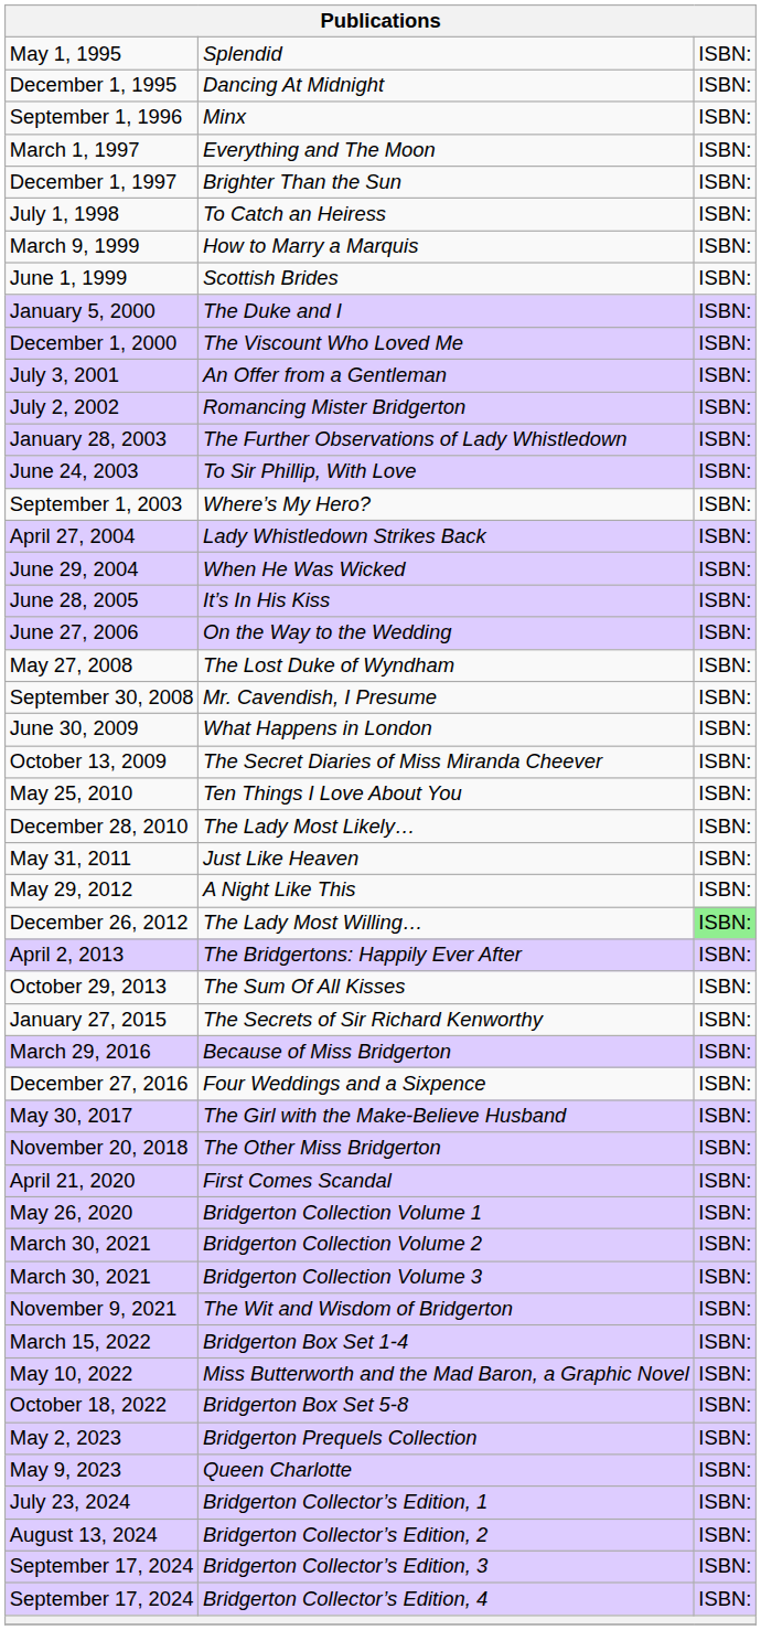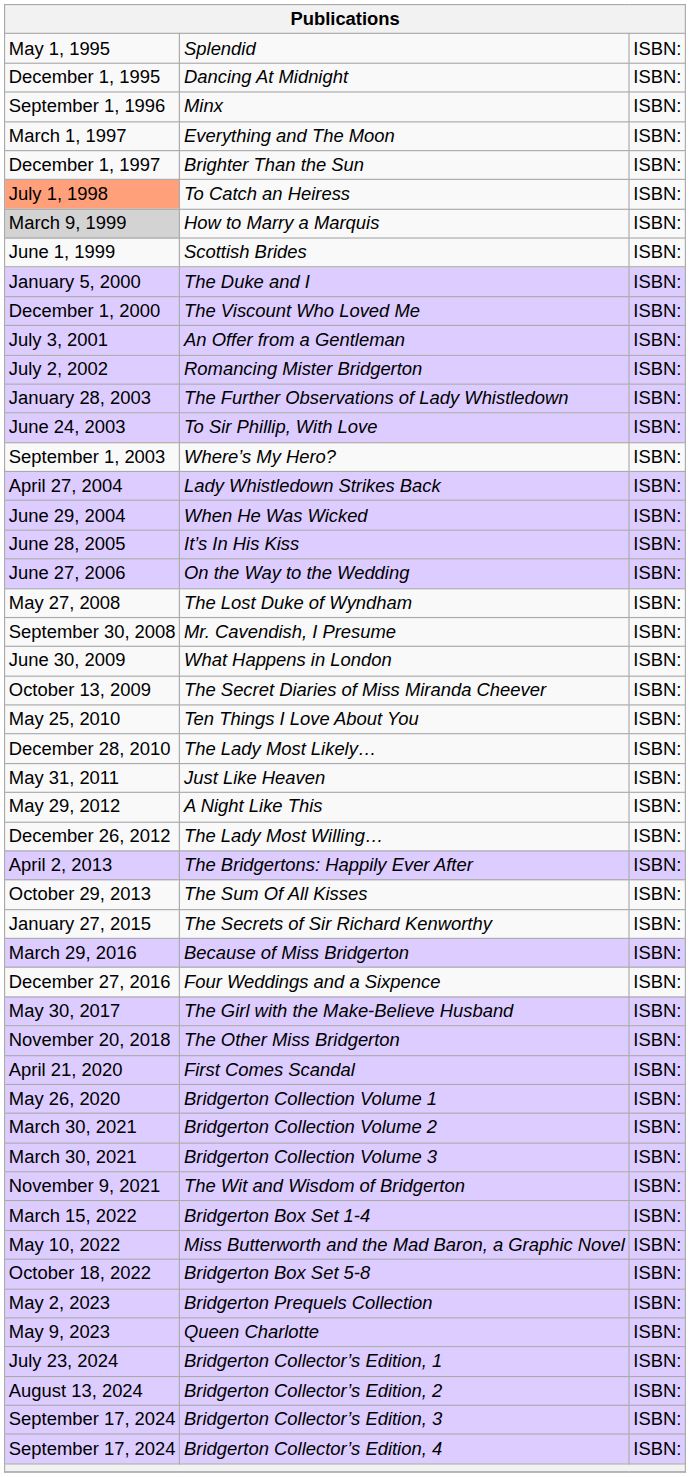 <table class="wikitable collapsible collapsed">
 <tr>
 <th colspan="3">Publications</th>
 </tr>
 <tr>
 <td>May 1, 1995</td>
 <td><em>Splendid</em></td>
 <td>ISBN: </td>
 </tr>
 <tr>
 <td>December 1, 1995</td>
 <td><em>Dancing At Midnight</em></td>
 <td>ISBN: </td>
 </tr>
 <tr>
 <td>September 1, 1996</td>
 <td><em>Minx</em></td>
 <td>ISBN: </td>
 </tr>
 <tr>
 <td>March 1, 1997</td>
 <td><em>Everything and The Moon</em></td>
 <td>ISBN: </td>
 </tr>
 <tr>
 <td>December 1, 1997</td>
 <td><em>Brighter Than the Sun</em></td>
 <td>ISBN: </td>
 </tr>
 <tr>
-<td>July 1, 1998</td>
+<td style="background: lightsalmon;">July 1, 1998</td>
 <td><em>To Catch an Heiress</em></td>
 <td>ISBN: </td>
 </tr>
 <tr>
-<td>March 9, 1999</td>
+<td style="background: lightgrey;">March 9, 1999</td>
 <td><em>How to Marry a Marquis</em></td>
 <td>ISBN: </td>
 </tr>
 <tr>
 <td>June 1, 1999</td>
 <td><em>Scottish Brides</em></td>
 <td>ISBN: </td>
 </tr>
 <tr>
 <td style="background-color:#DDCCFF">January 5, 2000</td>
 <td style="background-color:#DDCCFF"><em>The Duke and I</em></td>
 <td style="background-color:#DDCCFF">ISBN: </td>
 </tr>
 <tr>
 <td style="background-color:#DDCCFF">December 1, 2000</td>
 <td style="background-color:#DDCCFF"><em>The Viscount Who Loved Me</em></td>
 <td style="background-color:#DDCCFF">ISBN: </td>
 </tr>
 <tr>
 <td style="background-color:#DDCCFF">July 3, 2001</td>
 <td style="background-color:#DDCCFF"><em>An Offer from a Gentleman</em></td>
 <td style="background-color:#DDCCFF">ISBN: </td>
 </tr>
 <tr>
 <td style="background-color:#DDCCFF">July 2, 2002</td>
 <td style="background-color:#DDCCFF"><em>Romancing Mister Bridgerton</em></td>
 <td style="background-color:#DDCCFF">ISBN: </td>
 </tr>
 <tr>
 <td style="background-color:#DDCCFF">January 28, 2003</td>
 <td style="background-color:#DDCCFF"><em>The Further Observations of Lady Whistledown</em></td>
 <td style="background-color:#DDCCFF">ISBN: </td>
 </tr>
 <tr>
 <td style="background-color:#DDCCFF">June 24, 2003</td>
 <td style="background-color:#DDCCFF"><em>To Sir Phillip, With Love</em></td>
 <td style="background-color:#DDCCFF">ISBN: </td>
 </tr>
 <tr>
 <td>September 1, 2003</td>
 <td><em>Where’s My Hero?</em></td>
 <td>ISBN: </td>
 </tr>
 <tr>
 <td style="background-color:#DDCCFF">April 27, 2004</td>
 <td style="background-color:#DDCCFF"><em>Lady Whistledown Strikes Back</em></td>
 <td style="background-color:#DDCCFF">ISBN: </td>
 </tr>
 <tr>
 <td style="background-color:#DDCCFF">June 29, 2004</td>
 <td style="background-color:#DDCCFF"><em>When He Was Wicked</em></td>
 <td style="background-color:#DDCCFF">ISBN: </td>
 </tr>
 <tr>
 <td style="background-color:#DDCCFF">June 28, 2005</td>
 <td style="background-color:#DDCCFF"><em>It’s In His Kiss</em></td>
 <td style="background-color:#DDCCFF">ISBN: </td>
 </tr>
 <tr>
 <td style="background-color:#DDCCFF">June 27, 2006</td>
 <td style="background-color:#DDCCFF"><em>On the Way to the Wedding</em></td>
 <td style="background-color:#DDCCFF">ISBN: </td>
 </tr>
 <tr>
 <td>May 27, 2008</td>
 <td><em>The Lost Duke of Wyndham</em></td>
 <td>ISBN: </td>
 </tr>
 <tr>
 <td>September 30, 2008</td>
 <td><em>Mr. Cavendish, I Presume</em></td>
 <td>ISBN: </td>
 </tr>
 <tr>
 <td>June 30, 2009</td>
 <td><em>What Happens in London</em></td>
 <td>ISBN: </td>
 </tr>
 <tr>
 <td>October 13, 2009</td>
 <td><em>The Secret Diaries of Miss Miranda Cheever</em></td>
 <td>ISBN: </td>
 </tr>
 <tr>
 <td>May 25, 2010</td>
 <td><em>Ten Things I Love About You</em></td>
 <td>ISBN: </td>
 </tr>
 <tr>
 <td>December 28, 2010</td>
 <td><em>The Lady Most Likely…</em></td>
 <td>ISBN: </td>
 </tr>
 <tr>
 <td>May 31, 2011</td>
 <td><em>Just Like Heaven</em></td>
 <td>ISBN: </td>
 </tr>
 <tr>
 <td>May 29, 2012</td>
 <td><em>A Night Like This</em></td>
 <td>ISBN: </td>
 </tr>
 <tr>
 <td>December 26, 2012</td>
 <td><em>The Lady Most Willing…</em></td>
-<td style="background: lightgreen;">ISBN: </td>
+<td>ISBN: </td>
 </tr>
 <tr>
 <td style="background-color:#DDCCFF">April 2, 2013</td>
 <td style="background-color:#DDCCFF"><em>The Bridgertons: Happily Ever After</em></td>
 <td style="background-color:#DDCCFF">ISBN: </td>
 </tr>
 <tr>
 <td>October 29, 2013</td>
 <td><em>The Sum Of All Kisses</em></td>
 <td>ISBN: </td>
 </tr>
 <tr>
 <td>January 27, 2015</td>
 <td><em>The Secrets of Sir Richard Kenworthy</em></td>
 <td>ISBN: </td>
 </tr>
 <tr>
 <td style="background-color:#DDCCFF">March 29, 2016</td>
 <td style="background-color:#DDCCFF"><em>Because of Miss Bridgerton</em></td>
 <td style="background-color:#DDCCFF">ISBN: </td>
 </tr>
 <tr>
 <td>December 27, 2016</td>
 <td><em>Four Weddings and a Sixpence</em></td>
 <td>ISBN: </td>
 </tr>
 <tr>
 <td style="background-color:#DDCCFF">May 30, 2017</td>
 <td style="background-color:#DDCCFF"><em>The Girl with the Make-Believe Husband</em></td>
 <td style="background-color:#DDCCFF">ISBN: </td>
 </tr>
 <tr>
 <td style="background-color:#DDCCFF">November 20, 2018</td>
 <td style="background-color:#DDCCFF"><em>The Other Miss Bridgerton</em></td>
 <td style="background-color:#DDCCFF">ISBN: </td>
 </tr>
 <tr>
 <td style="background-color:#DDCCFF">April 21, 2020</td>
 <td style="background-color:#DDCCFF"><em>First Comes Scandal</em></td>
 <td style="background-color:#DDCCFF">ISBN: </td>
 </tr>
 <tr>
 <td style="background-color:#DDCCFF">May 26, 2020</td>
 <td style="background-color:#DDCCFF"><em>Bridgerton Collection Volume 1</em></td>
 <td style="background-color:#DDCCFF">ISBN: </td>
 </tr>
 <tr>
 <td style="background-color:#DDCCFF">March 30, 2021</td>
 <td style="background-color:#DDCCFF"><em>Bridgerton Collection Volume 2</em></td>
 <td style="background-color:#DDCCFF">ISBN: </td>
 </tr>
 <tr>
 <td style="background-color:#DDCCFF">March 30, 2021</td>
 <td style="background-color:#DDCCFF"><em>Bridgerton Collection Volume 3</em></td>
 <td style="background-color:#DDCCFF">ISBN: </td>
 </tr>
 <tr>
 <td style="background-color:#DDCCFF">November 9, 2021</td>
 <td style="background-color:#DDCCFF"><em>The Wit and Wisdom of Bridgerton</em></td>
 <td style="background-color:#DDCCFF">ISBN: </td>
 </tr>
 <tr>
 <td style="background-color:#DDCCFF">March 15, 2022</td>
 <td style="background-color:#DDCCFF"><em>Bridgerton Box Set 1-4</em></td>
 <td style="background-color:#DDCCFF">ISBN: </td>
 </tr>
 <tr>
 <td style="background-color:#DDCCFF">May 10, 2022</td>
 <td style="background-color:#DDCCFF"><em>Miss Butterworth and the Mad Baron, a Graphic Novel</em></td>
 <td style="background-color:#DDCCFF">ISBN: </td>
 </tr>
 <tr>
 <td style="background-color:#DDCCFF">October 18, 2022</td>
 <td style="background-color:#DDCCFF"><em>Bridgerton Box Set 5-8</em></td>
 <td style="background-color:#DDCCFF">ISBN: </td>
 </tr>
 <tr>
 <td style="background-color:#DDCCFF">May 2, 2023</td>
 <td style="background-color:#DDCCFF"><em>Bridgerton Prequels Collection</em></td>
 <td style="background-color:#DDCCFF">ISBN: </td>
 </tr>
 <tr>
 <td style="background-color:#DDCCFF">May 9, 2023</td>
 <td style="background-color:#DDCCFF"><em>Queen Charlotte</em></td>
 <td style="background-color:#DDCCFF">ISBN: </td>
 </tr>
 <tr>
 <td style="background-color:#DDCCFF">July 23, 2024</td>
 <td style="background-color:#DDCCFF"><em>Bridgerton Collector’s Edition, 1</em></td>
 <td style="background-color:#DDCCFF">ISBN: </td>
 </tr>
 <tr>
 <td style="background-color:#DDCCFF">August 13, 2024</td>
 <td style="background-color:#DDCCFF"><em>Bridgerton Collector’s Edition, 2</em></td>
 <td style="background-color:#DDCCFF">ISBN: </td>
 </tr>
 <tr>
 <td style="background-color:#DDCCFF">September 17, 2024</td>
 <td style="background-color:#DDCCFF"><em>Bridgerton Collector’s Edition, 3</em></td>
 <td style="background-color:#DDCCFF">ISBN: </td>
 </tr>
 <tr>
 <td style="background-color:#DDCCFF">September 17, 2024</td>
 <td style="background-color:#DDCCFF"><em>Bridgerton Collector’s Edition, 4</em></td>
 <td style="background-color:#DDCCFF">ISBN: </td>
 </tr>
 <tr>
 <th colspan="3"></th>
 </tr>
 <tr>
 </tr>
 </table>
